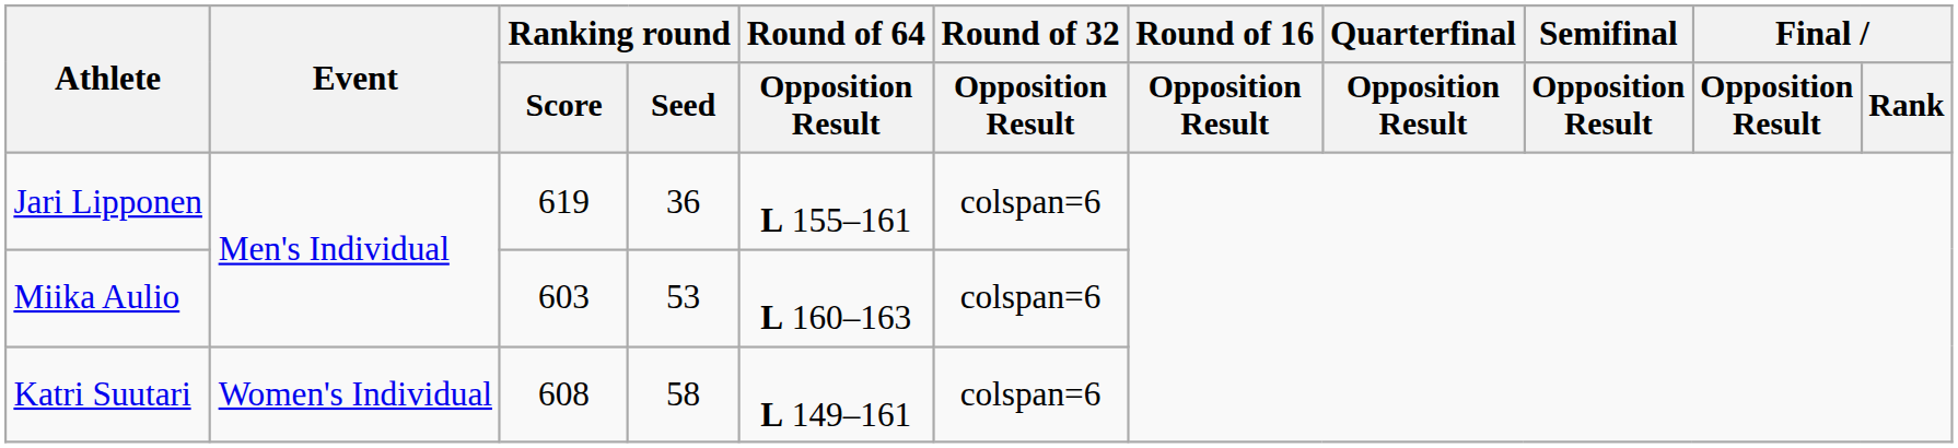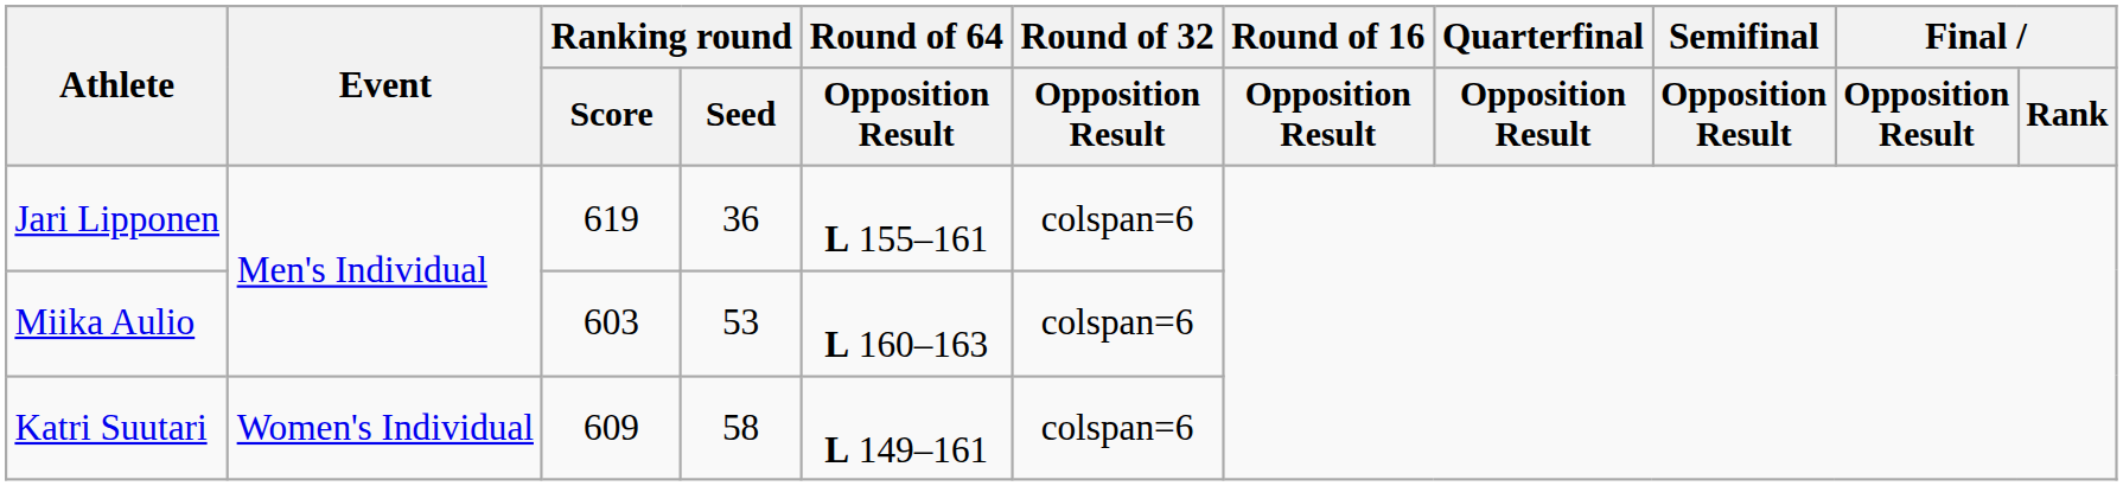 <table class=wikitable style=font-size:90%;text-align:center>
 <tr>
 <th rowspan=2>Athlete</th>
 <th rowspan=2>Event</th>
 <th colspan=2>Ranking round</th>
 <th>Round of 64</th>
 <th>Round of 32</th>
 <th>Round of 16</th>
 <th>Quarterfinal</th>
 <th>Semifinal</th>
 <th colspan=2>Final / </th>
 </tr>
 <tr style=font-size:95%>
 <th>Score</th>
 <th>Seed</th>
 <th>Opposition<br>Result</th>
 <th>Opposition<br>Result</th>
 <th>Opposition<br>Result</th>
 <th>Opposition<br>Result</th>
 <th>Opposition<br>Result</th>
 <th>Opposition<br>Result</th>
 <th>Rank</th>
 </tr>
 <tr>
 <td align=left><a href='#'>Jari Lipponen</a></td>
 <td align=left rowspan=2><a href='#'>Men's Individual</a></td>
 <td>619</td>
 <td>36</td>
 <td><br><strong>L</strong> 155–161</td>
 <td>colspan=6 </td>
 </tr>
 <tr>
 <td align=left><a href='#'>Miika Aulio</a></td>
 <td>603</td>
 <td>53</td>
 <td><br><strong>L</strong> 160–163</td>
 <td>colspan=6 </td>
 </tr>
 <tr>
 <td align=left><a href='#'>Katri Suutari</a></td>
 <td align=left rowspan=2><a href='#'>Women's Individual</a></td>
-<td>608</td>
+<td>609</td>
 <td>58</td>
 <td><br><strong>L</strong> 149–161</td>
 <td>colspan=6 </td>
 </tr>
 </table>
